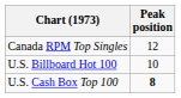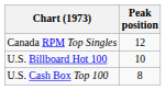 <table class="wikitable sortable">
 <tr>
 <th align="left">Chart (1973)</th>
 <th align="left">Peak<br>position</th>
 </tr>
 <tr>
 <td align="left">Canada <a href='#'>RPM</a><em> Top Singles</td>
 <td style="text-align:center;">12</td>
 </tr>
 <tr>
 <td align="left">U.S. </em><a href='#'>Billboard Hot 100</a><em></td>
 <td style="text-align:center;">10</td>
 </tr>
 <tr>
 <td align="left">U.S. </em><a href='#'>Cash Box</a><em> Top 100</td>
-<td style="text-align:center;"><strong>8</strong></td>
+<td style="text-align:center;">8</td>
 </tr>
 </table>
